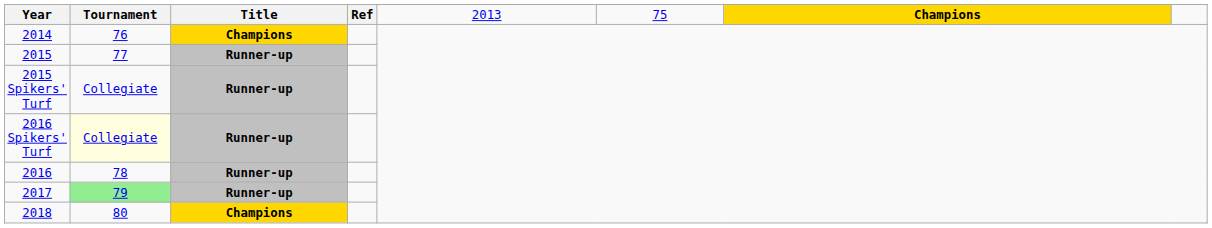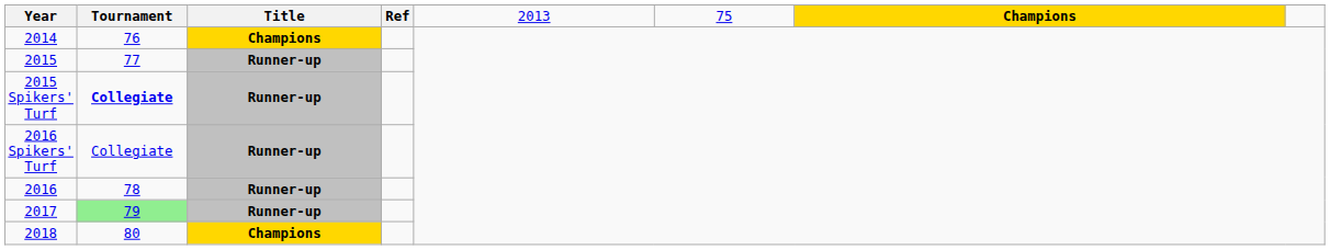 <table class="wikitable sortable" style="text-align:center" width="80%">
 <tr>
 <th style="width:25px;" rowspan="2">Year</th>
 <th style="width:100px;" rowspan="2">Tournament</th>
 <th style="width:180px;" rowspan="2">Title</th>
 <th style="width:25px;" rowspan="2">Ref</th>
 </tr>
 <tr align=center>
 <td><a href='#'>2013</a></td>
 <td><a href='#'>75</a></td>
 <td style="background:gold;"><strong>Champions</strong></td>
 <td></td>
 </tr>
 <tr align=center>
 <td><a href='#'>2014</a></td>
 <td><a href='#'>76</a></td>
 <td style="background:gold;"><strong>Champions</strong></td>
 <td></td>
 </tr>
 <tr align=center>
 <td><a href='#'>2015</a></td>
 <td><a href='#'>77</a></td>
 <td style="background:silver;"><strong>Runner-up</strong></td>
 <td></td>
 </tr>
 <tr align=center>
 <td><a href='#'>2015 Spikers' Turf</a></td>
-<td><a href='#'>Collegiate</a></td>
+<td><strong><a href='#'>Collegiate</a></strong></td>
 <td style="background:silver;"><strong>Runner-up</strong></td>
 <td></td>
 </tr>
 <tr align=center>
 <td><a href='#'>2016 Spikers' Turf</a></td>
-<td style="background: lightyellow;"><a href='#'>Collegiate</a></td>
+<td><a href='#'>Collegiate</a></td>
 <td style="background:silver;"><strong>Runner-up</strong></td>
 <td></td>
 </tr>
 <tr align=center>
 <td><a href='#'>2016</a></td>
 <td><a href='#'>78</a></td>
 <td style="background:silver;"><strong>Runner-up</strong></td>
 <td></td>
 </tr>
 <tr align=center>
 <td><a href='#'>2017</a></td>
 <td style="background: lightgreen;"><a href='#'>79</a></td>
 <td style="background:silver;"><strong>Runner-up</strong></td>
 <td></td>
 </tr>
 <tr align=center>
 <td><a href='#'>2018</a></td>
 <td><a href='#'>80</a></td>
 <td style="background:gold;"><strong>Champions</strong></td>
 <td></td>
 </tr>
 </table>
